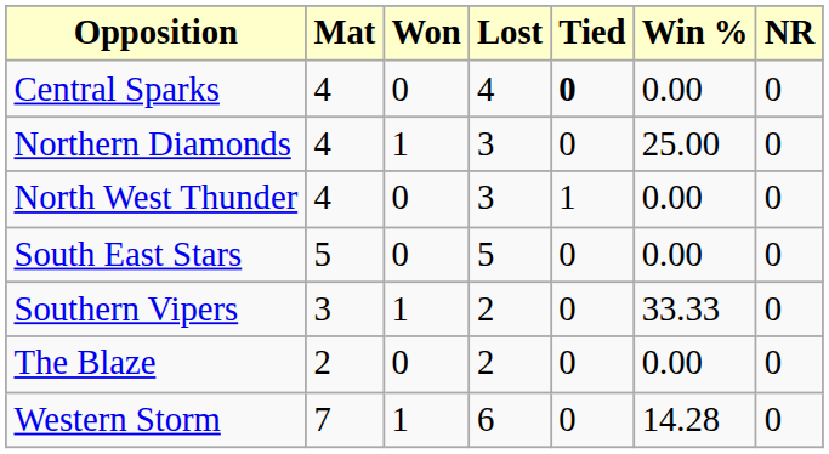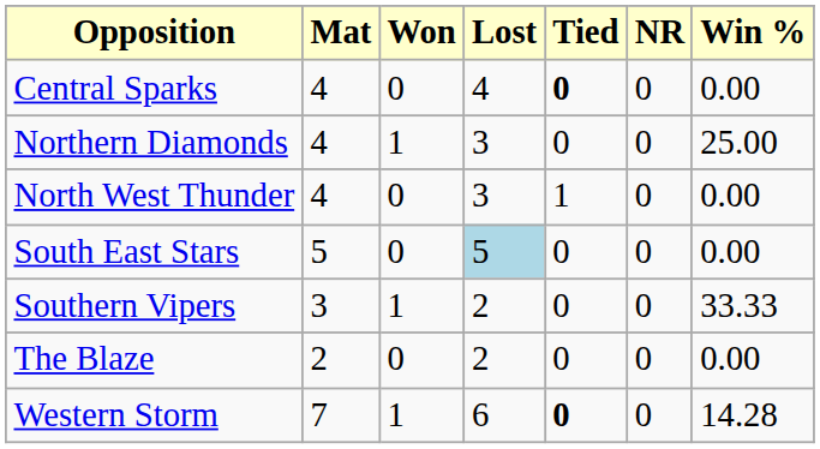 <table class="wikitable sortable">
 <tr>
 <th style="background:#ffc;">Opposition</th>
 <th style="background:#ffc;">Mat</th>
 <th style="background:#ffc;">Won</th>
 <th style="background:#ffc;">Lost</th>
 <th style="background:#ffc;">Tied</th>
+<th style="background:#ffc;">NR</th>
 <th style="background:#ffc;">Win %</th>
-<th style="background:#ffc;">NR</th>
 </tr>
 <tr>
 <td><a href='#'>Central Sparks</a></td>
 <td>4</td>
 <td>0</td>
 <td>4</td>
 <td><strong>0</strong></td>
+<td>0</td>
 <td>0.00</td>
-<td>0</td>
 </tr>
 <tr>
 <td><a href='#'>Northern Diamonds</a></td>
 <td>4</td>
 <td>1</td>
 <td>3</td>
 <td>0</td>
+<td>0</td>
 <td>25.00</td>
-<td>0</td>
 </tr>
 <tr>
 <td><a href='#'>North West Thunder</a></td>
 <td>4</td>
 <td>0</td>
 <td>3</td>
 <td>1</td>
+<td>0</td>
 <td>0.00</td>
-<td>0</td>
 </tr>
 <tr>
 <td><a href='#'>South East Stars</a></td>
 <td>5</td>
 <td>0</td>
-<td>5</td>
+<td style="background: lightblue;">5</td>
+<td>0</td>
 <td>0</td>
 <td>0.00</td>
-<td>0</td>
 </tr>
 <tr>
 <td><a href='#'>Southern Vipers</a></td>
 <td>3</td>
 <td>1</td>
 <td>2</td>
 <td>0</td>
+<td>0</td>
 <td>33.33</td>
-<td>0</td>
 </tr>
 <tr>
 <td><a href='#'>The Blaze</a></td>
 <td>2</td>
 <td>0</td>
 <td>2</td>
 <td>0</td>
+<td>0</td>
 <td>0.00</td>
-<td>0</td>
 </tr>
 <tr>
 <td><a href='#'>Western Storm</a></td>
 <td>7</td>
 <td>1</td>
 <td>6</td>
+<td><strong>0</strong></td>
 <td>0</td>
 <td>14.28</td>
-<td>0</td>
 </tr>
 </table>
